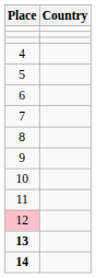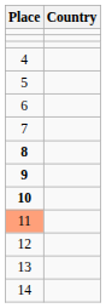 <table class="wikitable" style="font-size:95%;">
 <tr>
 <th>Place</th>
 <th>Country</th>
 </tr>
 <tr>
 <td align=center></td>
 <td></td>
 </tr>
 <tr>
 <td align=center></td>
 <td></td>
 </tr>
 <tr>
 <td align=center></td>
 <td></td>
 </tr>
 <tr>
 <td align=center>4</td>
 <td></td>
 </tr>
 <tr>
 <td align=center>5</td>
 <td></td>
 </tr>
 <tr>
 <td align=center>6</td>
 <td></td>
 </tr>
 <tr>
 <td align=center>7</td>
 <td></td>
 </tr>
 <tr>
-<td align=center>8</td>
+<td align=center><strong>8</strong></td>
 <td></td>
 </tr>
 <tr>
-<td align=center>9</td>
+<td align=center><strong>9</strong></td>
 <td></td>
 </tr>
 <tr>
-<td align=center>10</td>
+<td align=center><strong>10</strong></td>
 <td></td>
 </tr>
 <tr>
-<td align=center>11</td>
+<td align=center style="background: lightsalmon;">11</td>
 <td></td>
 </tr>
 <tr>
-<td align=center style="background: pink;">12</td>
+<td align=center>12</td>
 <td></td>
 </tr>
 <tr>
-<td align=center><strong>13</strong></td>
+<td align=center>13</td>
 <td></td>
 </tr>
 <tr>
-<td align=center><strong>14</strong></td>
+<td align=center>14</td>
 <td></td>
 </tr>
 </table>
